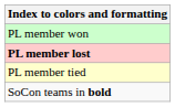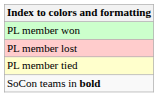 <table class="wikitable">
 <tr>
 <th>Index to colors and formatting</th>
 </tr>
 <tr style="background:#cfc;">
 <td>PL member won</td>
 </tr>
 <tr style="background:#fcc;">
-<td><strong>PL member lost</strong></td>
+<td>PL member lost</td>
 </tr>
 <tr style="background:#ffc;">
 <td>PL member tied</td>
 </tr>
 <tr>
 <td>SoCon teams in <strong>bold</strong></td>
 </tr>
 </table>
